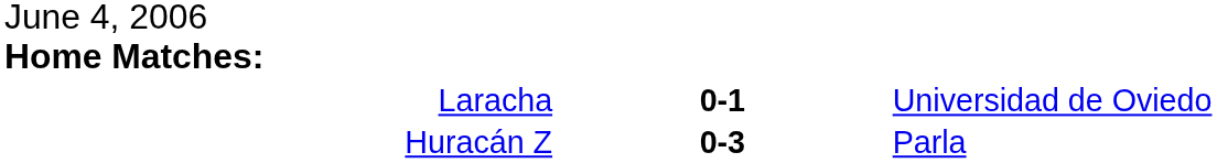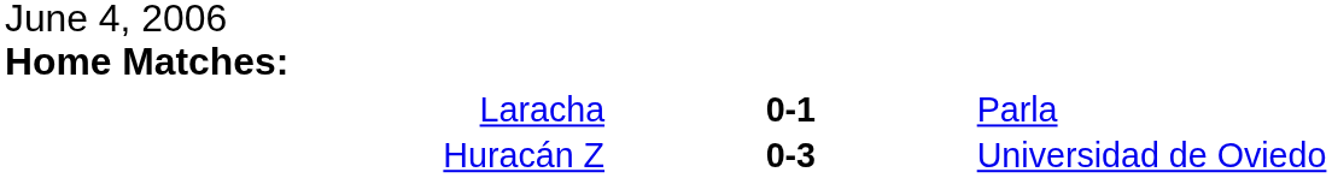 <table width=100% cellspacing=1>
 <tr>
 <th width=20%></th>
 <th width=12%></th>
 <th width=20%></th>
 <th></th>
 </tr>
 <tr>
 <td>June 4, 2006<br><strong>Home Matches:</strong></td>
 </tr>
 <tr style=font-size:90%>
 <td align=right><a href='#'>Laracha</a></td>
 <td align=center><strong>0-1</strong></td>
-<td><a href='#'>Universidad de Oviedo</a></td>
+<td><a href='#'>Parla</a></td>
 </tr>
 <tr style=font-size:90%>
 <td align=right><a href='#'>Huracán Z</a></td>
 <td align=center><strong>0-3</strong></td>
-<td><a href='#'>Parla</a></td>
+<td><a href='#'>Universidad de Oviedo</a></td>
 </tr>
 </table>
